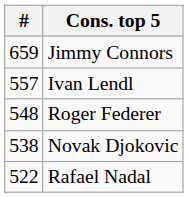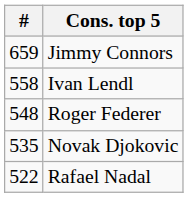 <table class="wikitable" style="display:inline-table;">
 <tr>
 <th>#</th>
 <th>Cons. top 5</th>
 </tr>
 <tr>
 <td>659</td>
 <td> Jimmy Connors</td>
 </tr>
 <tr>
-<td>557</td>
+<td>558</td>
 <td> Ivan Lendl</td>
 </tr>
 <tr>
 <td>548</td>
 <td> Roger Federer</td>
 </tr>
 <tr>
-<td>538</td>
+<td>535</td>
 <td> Novak Djokovic</td>
 </tr>
 <tr>
 <td>522</td>
 <td> Rafael Nadal</td>
 </tr>
 </table>
